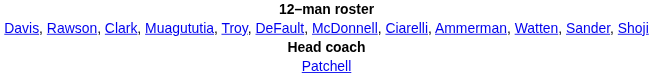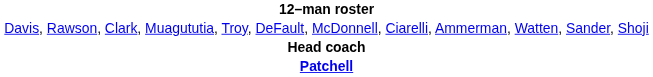 <table style="text-align: center; margin-top: 2em; margin-left: auto; margin-right: auto">
 <tr>
 <td><strong>12–man roster</strong></td>
 </tr>
 <tr>
 <td><a href='#'>Davis</a>, <a href='#'>Rawson</a>, <a href='#'>Clark</a>, <a href='#'>Muagututia</a>, <a href='#'>Troy</a>, <a href='#'>DeFault</a>, <a href='#'>McDonnell</a>, <a href='#'>Ciarelli</a>, <a href='#'>Ammerman</a>, <a href='#'>Watten</a>, <a href='#'>Sander</a>, <a href='#'>Shoji</a></td>
 </tr>
 <tr>
 <td><strong>Head coach</strong></td>
 </tr>
 <tr>
-<td><a href='#'>Patchell</a></td>
+<td><strong><a href='#'>Patchell</a></strong></td>
 </tr>
 </table>
